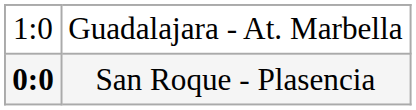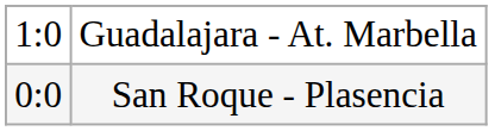 <table class="wikitable">
 <tr align=center bgcolor=white>
 <td>1:0</td>
 <td>Guadalajara - At. Marbella</td>
 </tr>
 <tr align=center bgcolor=#F5F5F5>
-<td><strong>0:0</strong></td>
+<td>0:0</td>
 <td>San Roque - Plasencia</td>
 </tr>
 </table>
